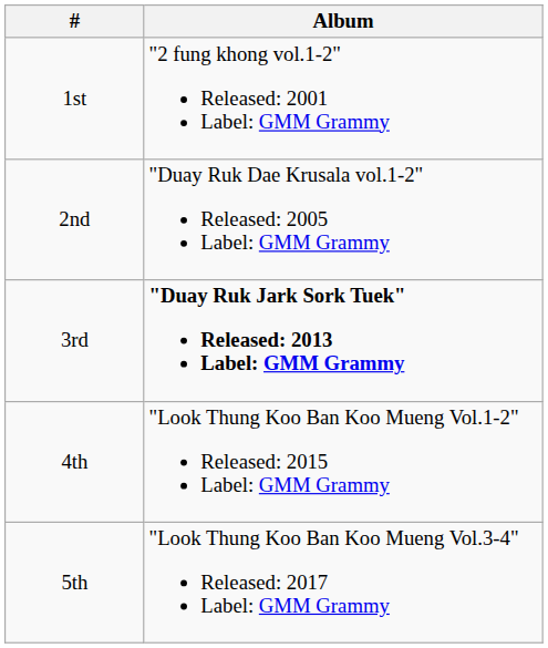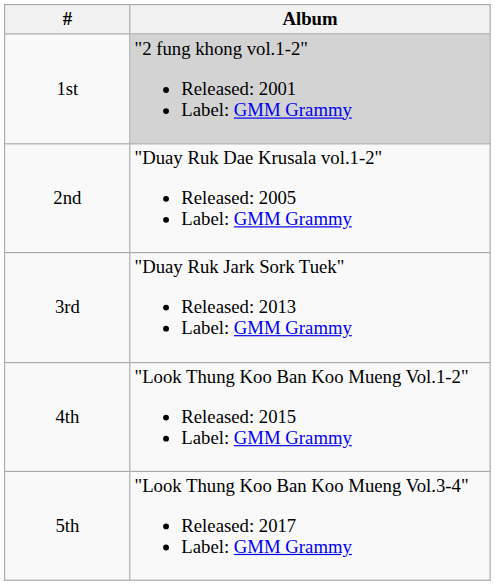 <table class="wikitable">
 <tr>
 <th width="100">#</th>
 <th width="300">Album</th>
 </tr>
 <tr>
 <td style="text-align:center;">1st</td>
-<td>"2 fung khong vol.1-2"<br><ul><li>Released: 2001</li><li>Label: <a href='#'>GMM Grammy</a></li></ul></td>
+<td style="background: lightgrey;">"2 fung khong vol.1-2"<br><ul><li>Released: 2001</li><li>Label: <a href='#'>GMM Grammy</a></li></ul></td>
 </tr>
 <tr>
 <td style="text-align:center;">2nd</td>
 <td>"Duay Ruk Dae Krusala vol.1-2"<br><ul><li>Released: 2005</li><li>Label: <a href='#'>GMM Grammy</a></li></ul></td>
 </tr>
 <tr>
 <td style="text-align:center;">3rd</td>
-<td><strong>"Duay Ruk Jark Sork Tuek"<br><ul><li>Released: 2013</li><li>Label: <a href='#'>GMM Grammy</a></li></ul></strong></td>
+<td>"Duay Ruk Jark Sork Tuek"<br><ul><li>Released: 2013</li><li>Label: <a href='#'>GMM Grammy</a></li></ul></td>
 </tr>
 <tr>
 <td style="text-align:center;">4th</td>
 <td>"Look Thung Koo Ban Koo Mueng Vol.1-2"<br><ul><li>Released: 2015</li><li>Label: <a href='#'>GMM Grammy</a></li></ul></td>
 </tr>
 <tr>
 <td style="text-align:center;">5th</td>
 <td>"Look Thung Koo Ban Koo Mueng Vol.3-4"<br><ul><li>Released: 2017</li><li>Label: <a href='#'>GMM Grammy</a></li></ul></td>
 </tr>
 </table>
